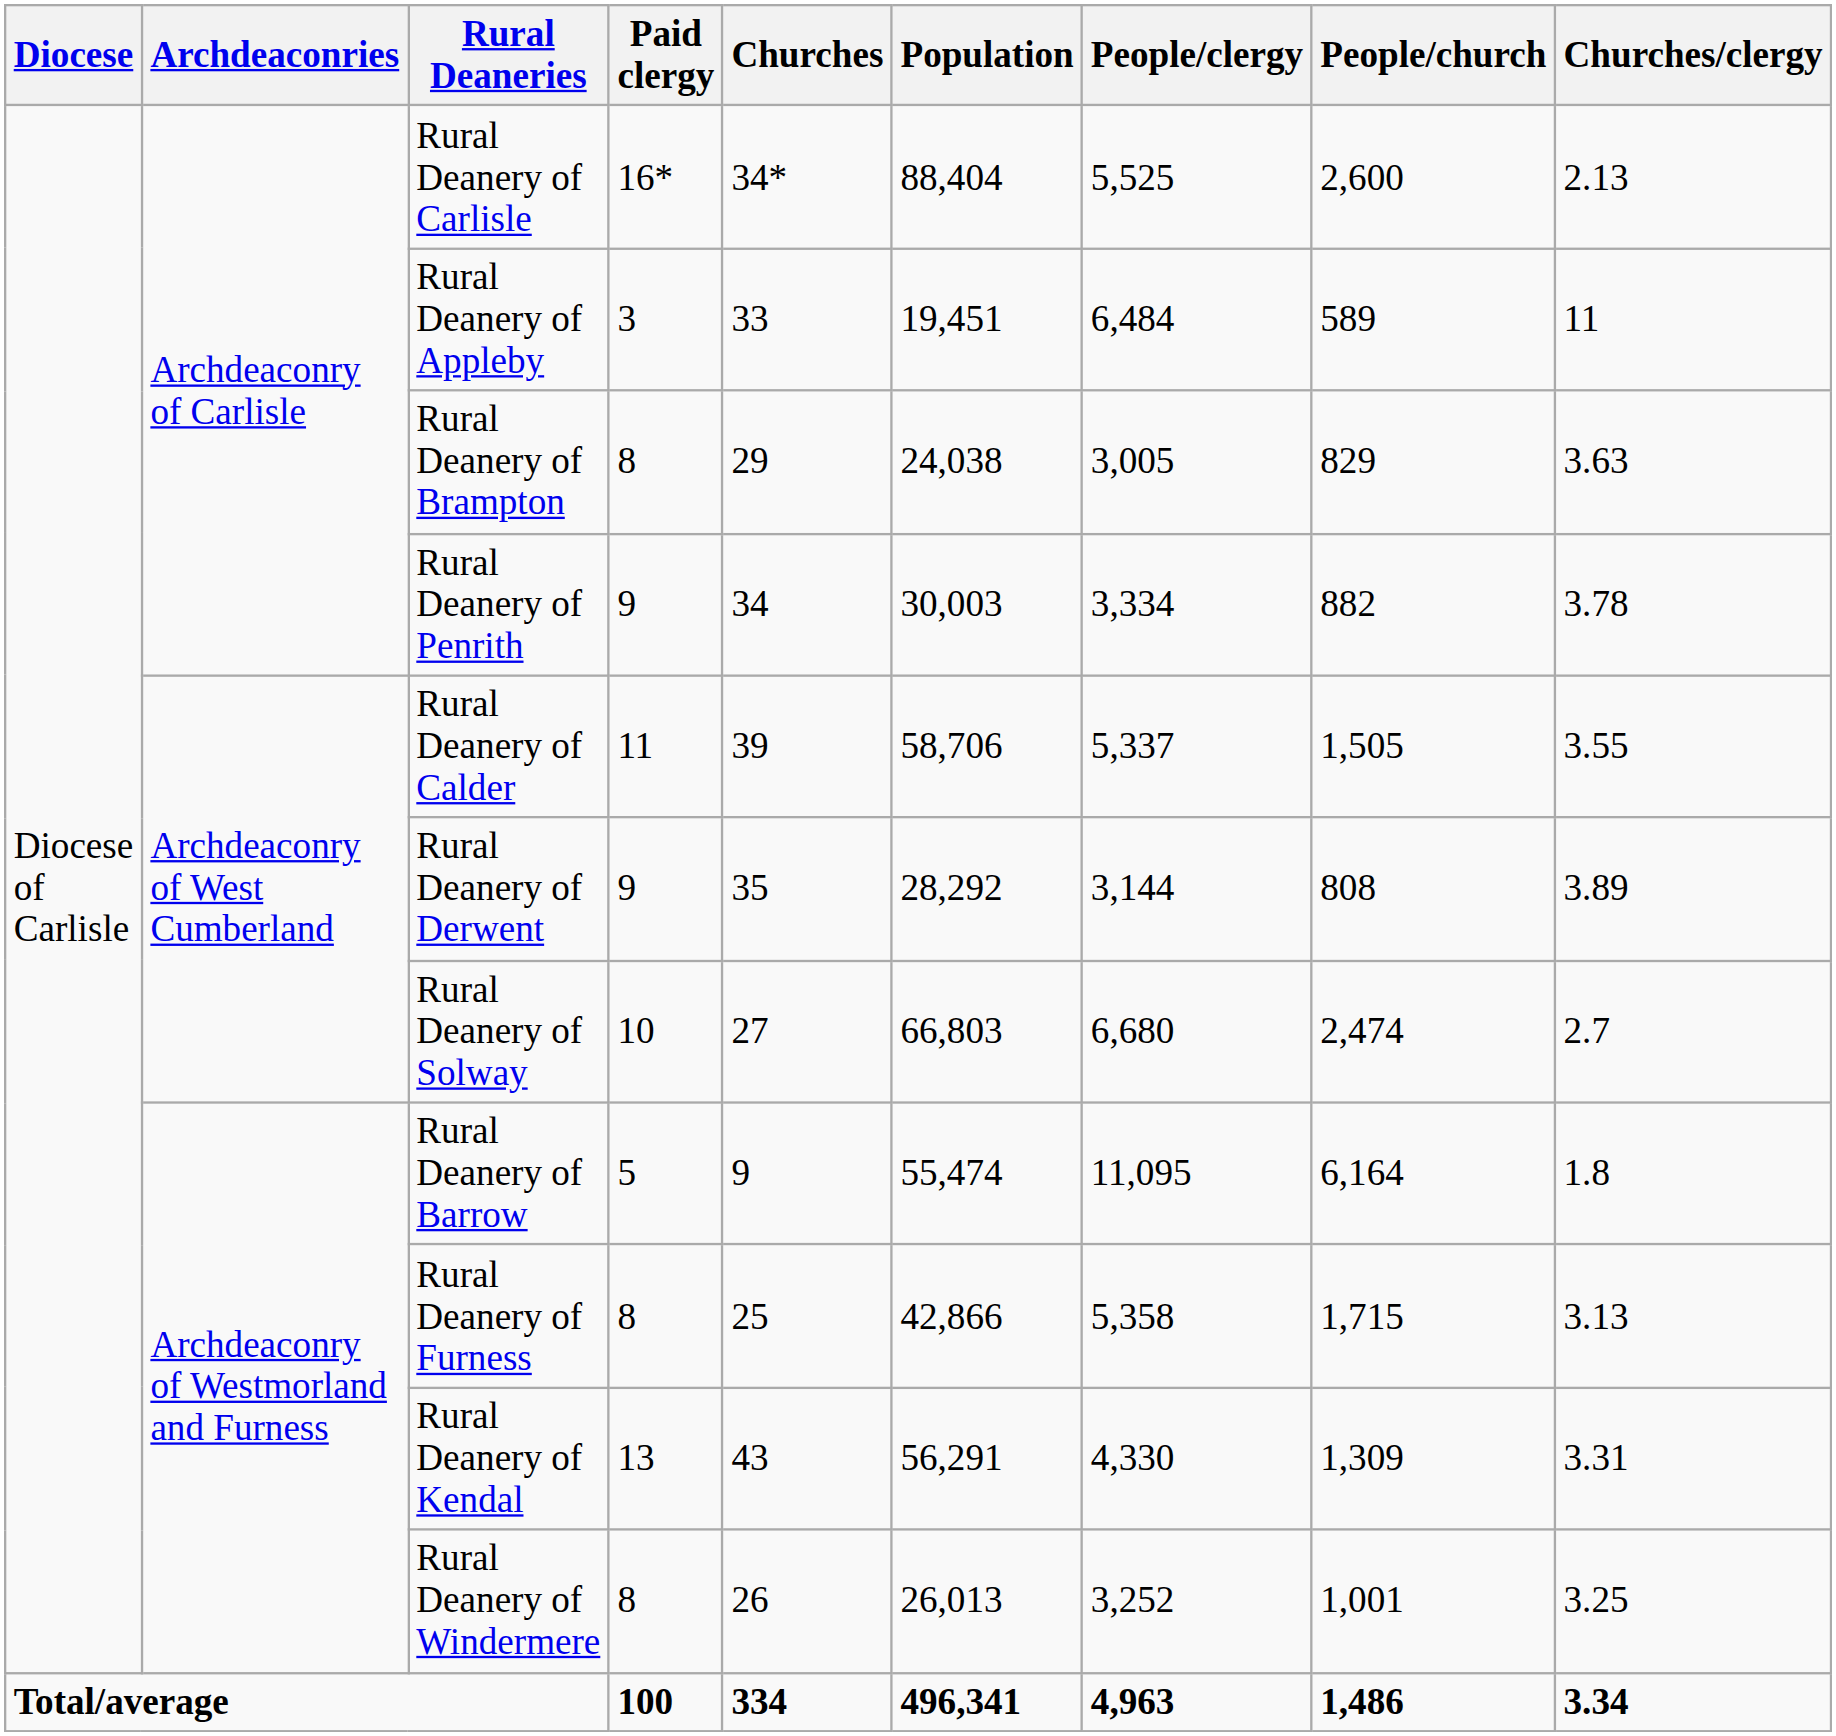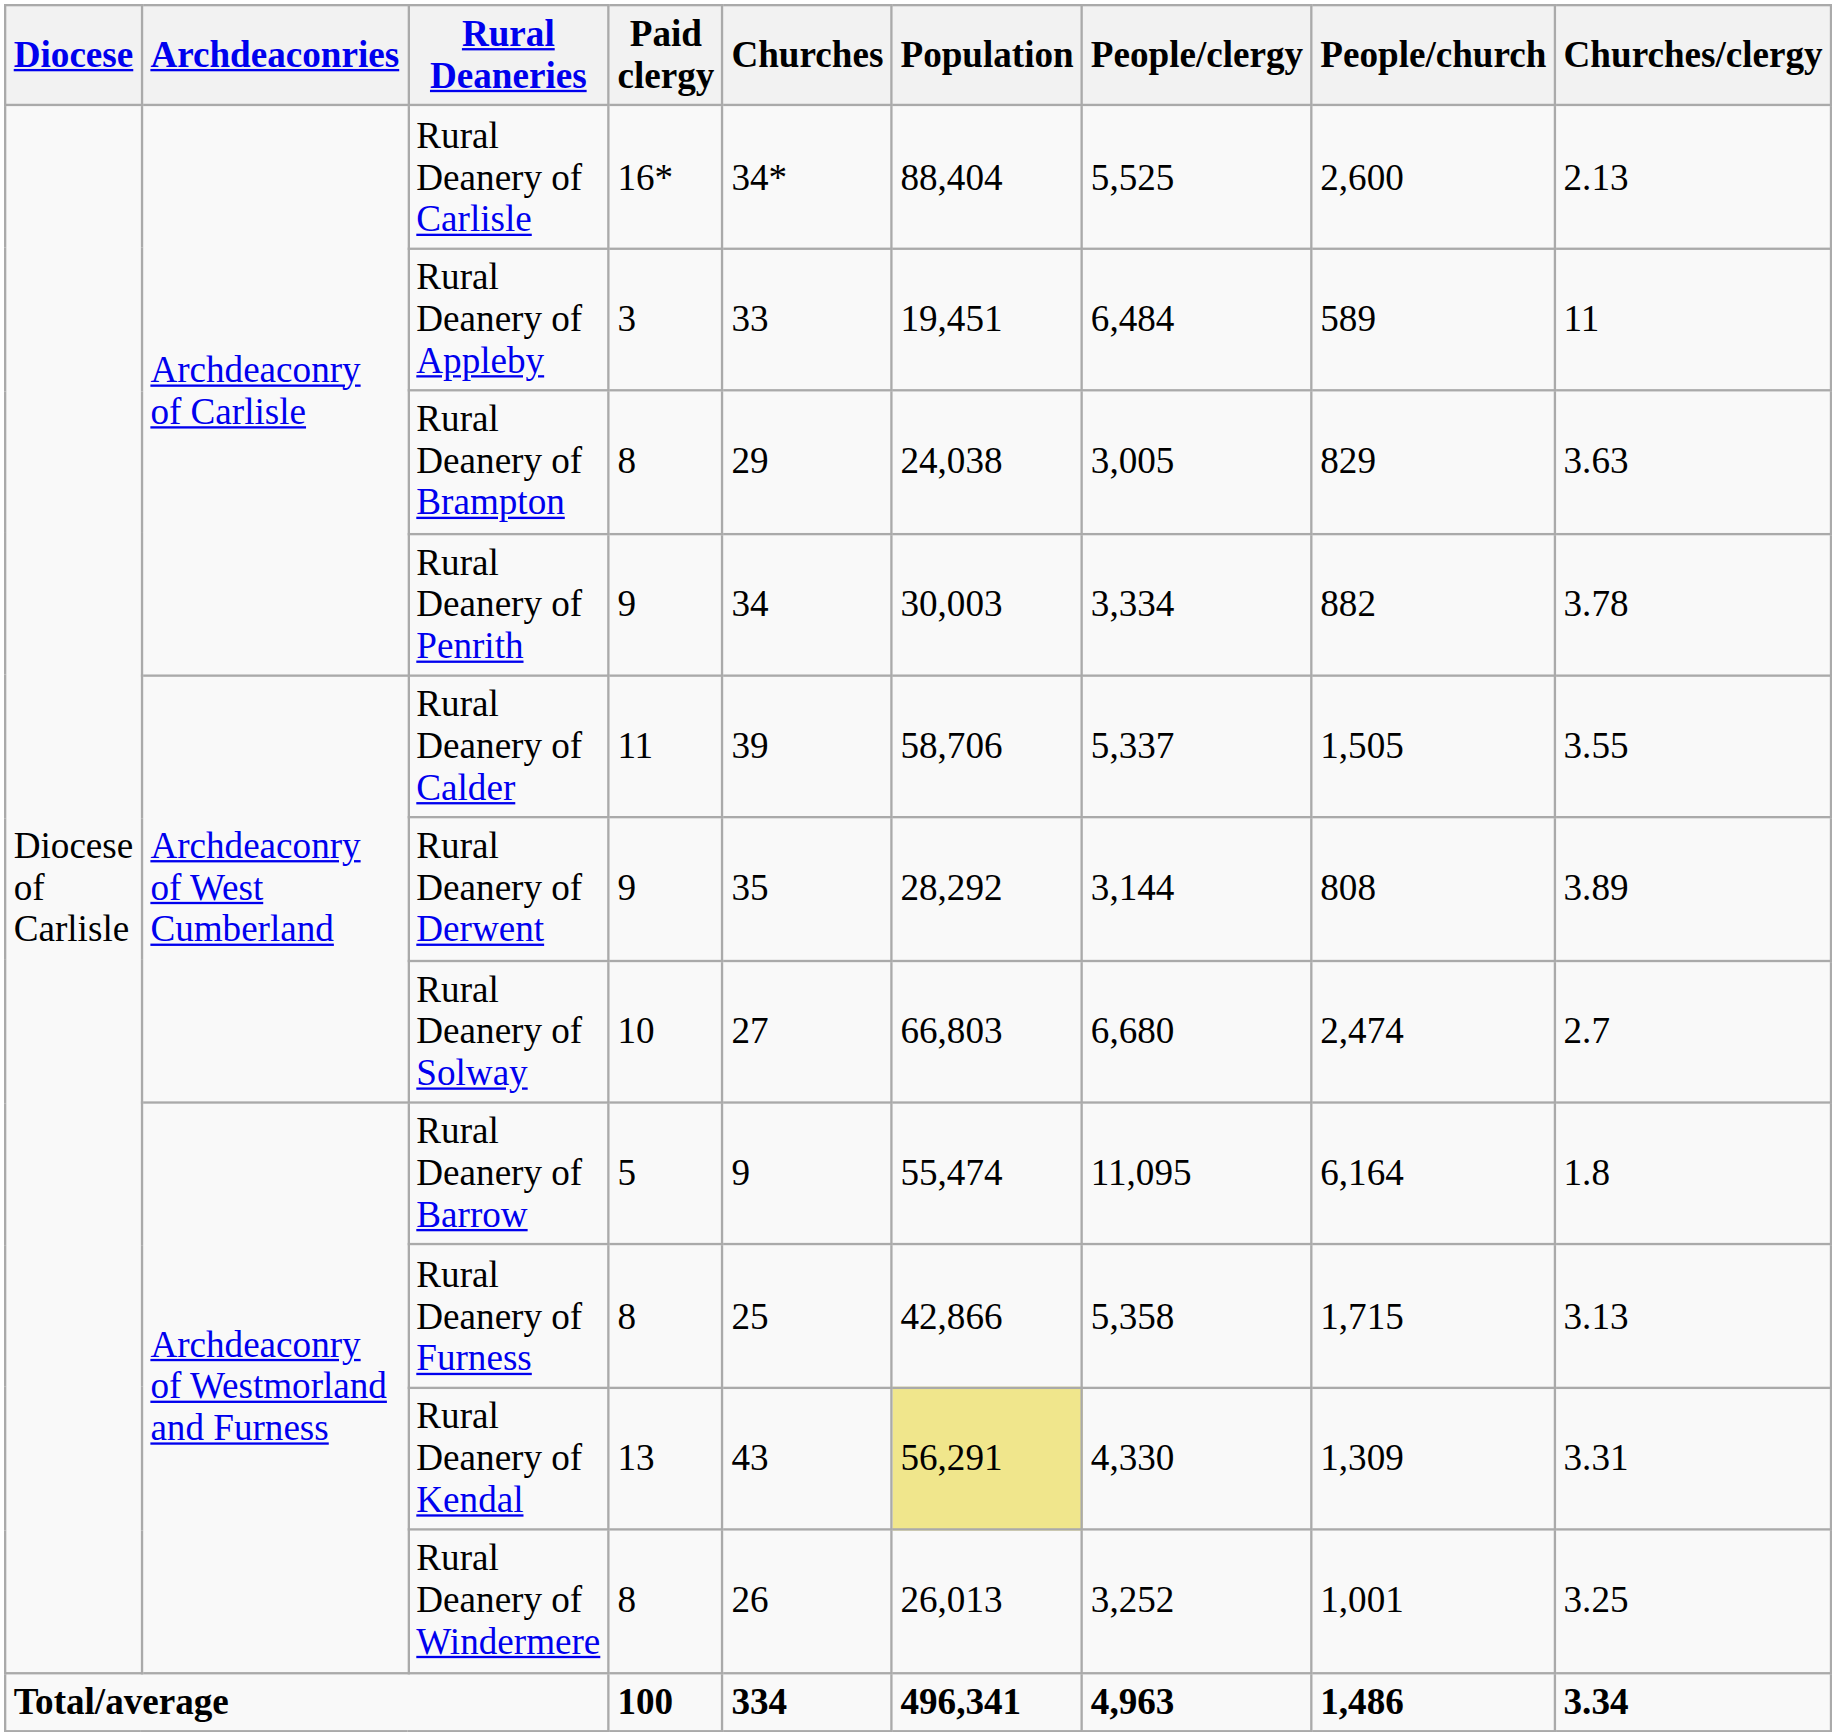 <table class="wikitable sortable">
 <tr>
 <th><a href='#'>Diocese</a></th>
 <th><a href='#'>Archdeaconries</a></th>
 <th><a href='#'>Rural Deaneries</a></th>
 <th>Paid clergy</th>
 <th>Churches</th>
 <th>Population</th>
 <th>People/clergy</th>
 <th>People/church</th>
 <th>Churches/clergy</th>
 </tr>
 <tr>
 <td rowspan=11>Diocese of Carlisle</td>
 <td rowspan=4><a href='#'>Archdeaconry of Carlisle</a></td>
 <td>Rural Deanery of <a href='#'>Carlisle</a></td>
 <td>16*</td>
 <td>34*</td>
 <td>88,404</td>
 <td>5,525</td>
 <td>2,600</td>
 <td>2.13</td>
 </tr>
 <tr>
 <td>Rural Deanery of <a href='#'>Appleby</a></td>
 <td>3</td>
 <td>33</td>
 <td>19,451</td>
 <td>6,484</td>
 <td>589</td>
 <td>11</td>
 </tr>
 <tr>
 <td>Rural Deanery of <a href='#'>Brampton</a></td>
 <td>8</td>
 <td>29</td>
 <td>24,038</td>
 <td>3,005</td>
 <td>829</td>
 <td>3.63</td>
 </tr>
 <tr>
 <td>Rural Deanery of <a href='#'>Penrith</a></td>
 <td>9</td>
 <td>34</td>
 <td>30,003</td>
 <td>3,334</td>
 <td>882</td>
 <td>3.78</td>
 </tr>
 <tr>
 <td rowspan=3><a href='#'>Archdeaconry of West Cumberland</a></td>
 <td>Rural Deanery of <a href='#'>Calder</a></td>
 <td>11</td>
 <td>39</td>
 <td>58,706</td>
 <td>5,337</td>
 <td>1,505</td>
 <td>3.55</td>
 </tr>
 <tr>
 <td>Rural Deanery of <a href='#'>Derwent</a></td>
 <td>9</td>
 <td>35</td>
 <td>28,292</td>
 <td>3,144</td>
 <td>808</td>
 <td>3.89</td>
 </tr>
 <tr>
 <td>Rural Deanery of <a href='#'>Solway</a></td>
 <td>10</td>
 <td>27</td>
 <td>66,803</td>
 <td>6,680</td>
 <td>2,474</td>
 <td>2.7</td>
 </tr>
 <tr>
 <td rowspan=4><a href='#'>Archdeaconry of Westmorland and Furness</a></td>
 <td>Rural Deanery of <a href='#'>Barrow</a></td>
 <td>5</td>
 <td>9</td>
 <td>55,474</td>
 <td>11,095</td>
 <td>6,164</td>
 <td>1.8</td>
 </tr>
 <tr>
 <td>Rural Deanery of <a href='#'>Furness</a></td>
 <td>8</td>
 <td>25</td>
 <td>42,866</td>
 <td>5,358</td>
 <td>1,715</td>
 <td>3.13</td>
 </tr>
 <tr>
 <td>Rural Deanery of <a href='#'>Kendal</a></td>
 <td>13</td>
 <td>43</td>
-<td>56,291</td>
+<td style="background: khaki;">56,291</td>
 <td>4,330</td>
 <td>1,309</td>
 <td>3.31</td>
 </tr>
 <tr>
 <td>Rural Deanery of <a href='#'>Windermere</a></td>
 <td>8</td>
 <td>26</td>
 <td>26,013</td>
 <td>3,252</td>
 <td>1,001</td>
 <td>3.25</td>
 </tr>
 <tr>
 <td colspan="3"><strong>Total/average</strong></td>
 <td><strong>100</strong></td>
 <td><strong>334</strong></td>
 <td><strong>496,341</strong></td>
 <td><strong>4,963</strong></td>
 <td><strong>1,486</strong></td>
 <td><strong>3.34</strong></td>
 </tr>
 </table>
